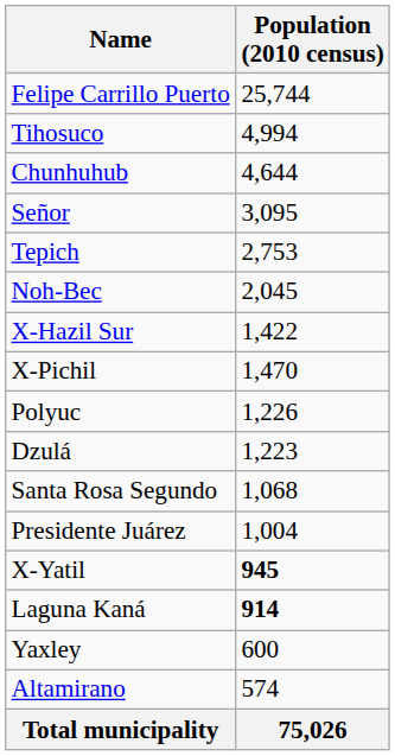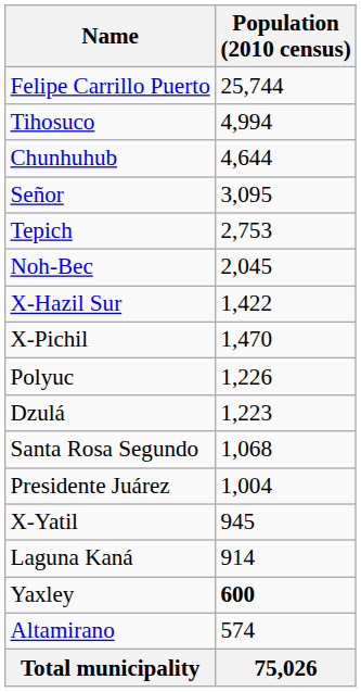 <table class="wikitable sortable">
 <tr>
 <th>Name</th>
 <th>Population<br>(2010 census)</th>
 </tr>
 <tr>
 <td><a href='#'>Felipe Carrillo Puerto</a></td>
 <td>25,744</td>
 </tr>
 <tr>
 <td><a href='#'>Tihosuco</a></td>
 <td>4,994</td>
 </tr>
 <tr>
 <td><a href='#'>Chunhuhub</a></td>
 <td>4,644</td>
 </tr>
 <tr>
 <td><a href='#'>Señor</a></td>
 <td>3,095</td>
 </tr>
 <tr>
 <td><a href='#'>Tepich</a></td>
 <td>2,753</td>
 </tr>
 <tr>
 <td><a href='#'>Noh-Bec</a></td>
 <td>2,045</td>
 </tr>
 <tr>
 <td><a href='#'>X-Hazil Sur</a></td>
 <td>1,422</td>
 </tr>
 <tr>
 <td>X-Pichil</td>
 <td>1,470</td>
 </tr>
 <tr>
 <td>Polyuc</td>
 <td>1,226</td>
 </tr>
 <tr>
 <td>Dzulá</td>
 <td>1,223</td>
 </tr>
 <tr>
 <td>Santa Rosa Segundo</td>
 <td>1,068</td>
 </tr>
 <tr>
 <td>Presidente Juárez</td>
 <td>1,004</td>
 </tr>
 <tr>
 <td>X-Yatil</td>
-<td><strong>945</strong></td>
+<td>945</td>
 </tr>
 <tr>
 <td>Laguna Kaná</td>
-<td><strong>914</strong></td>
+<td>914</td>
 </tr>
 <tr>
 <td>Yaxley</td>
-<td>600</td>
+<td><strong>600</strong></td>
 </tr>
 <tr>
 <td><a href='#'>Altamirano</a></td>
 <td>574</td>
 </tr>
 <tr>
 <th>Total municipality</th>
 <th>75,026</th>
 </tr>
 </table>
